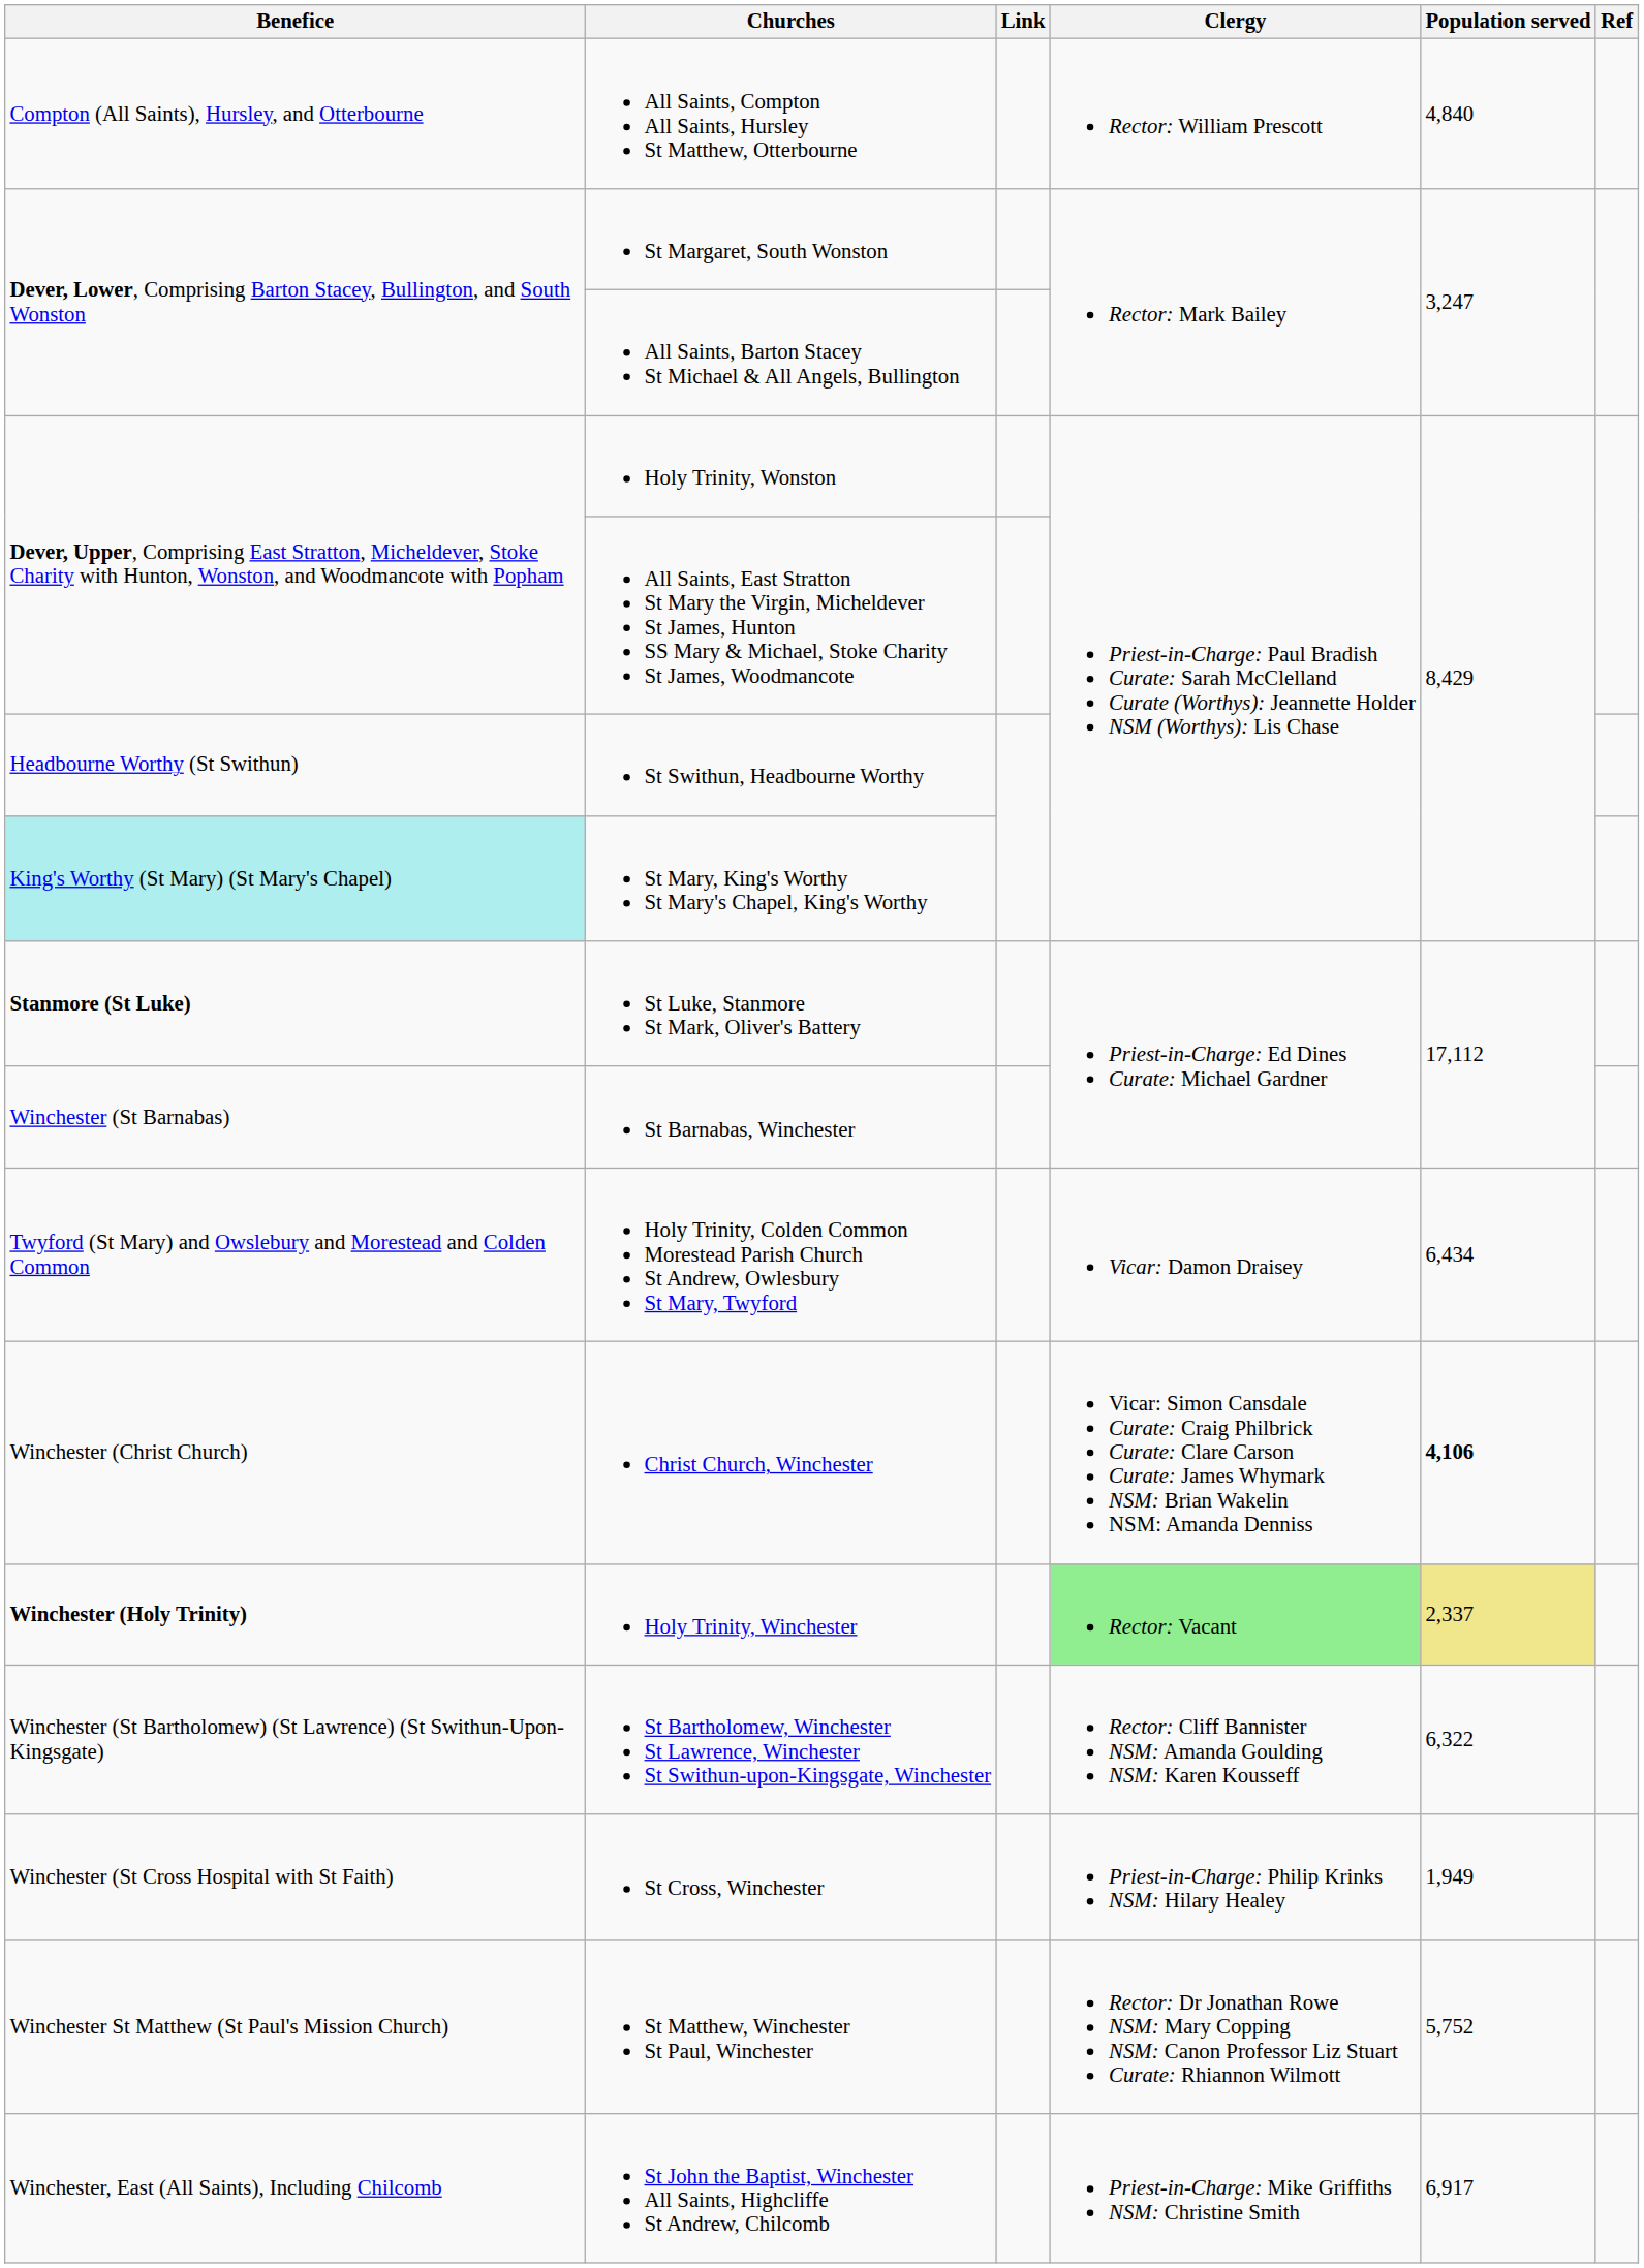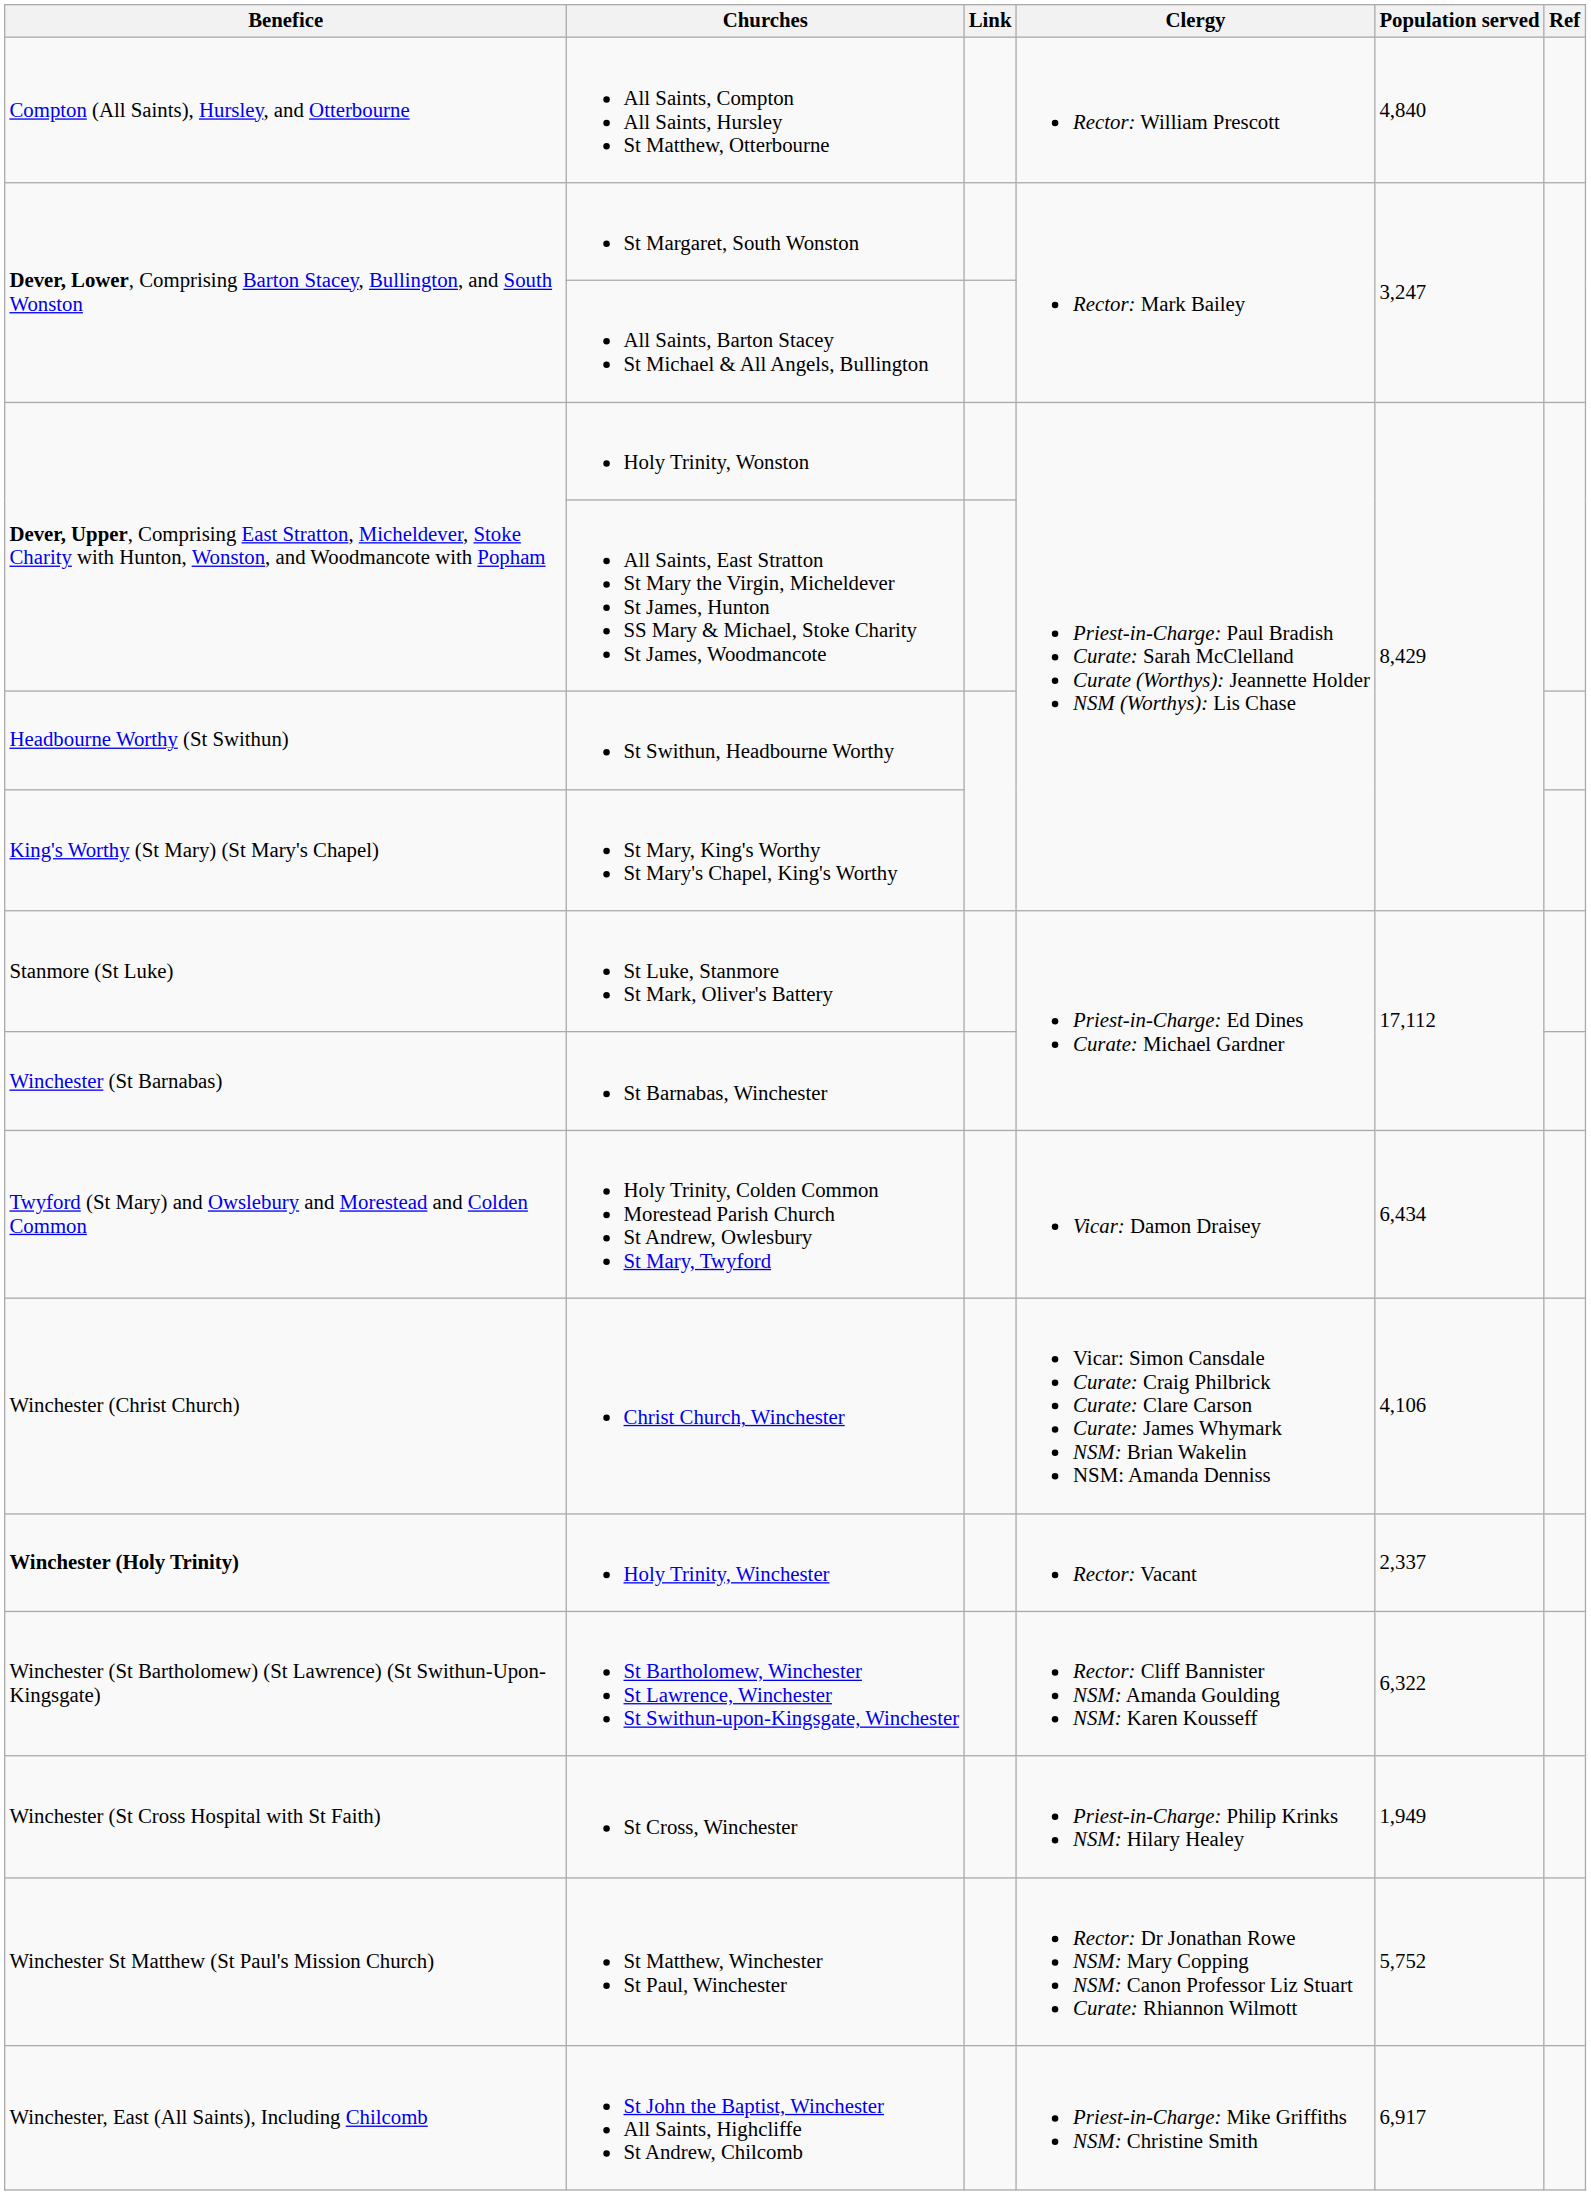 <table class="wikitable">
 <tr>
 <th style="width:425px;">Benefice</th>
 <th>Churches</th>
 <th>Link</th>
 <th>Clergy</th>
 <th>Population served</th>
 <th>Ref</th>
 </tr>
 <tr>
 <td><a href='#'>Compton</a> (All Saints), <a href='#'>Hursley</a>, and <a href='#'>Otterbourne</a></td>
 <td><br><ul><li>All Saints, Compton</li><li>All Saints, Hursley</li><li>St Matthew, Otterbourne</li></ul></td>
 <td></td>
 <td><br><ul><li><em>Rector:</em> William Prescott</li></ul></td>
 <td>4,840</td>
 <td></td>
 </tr>
 <tr>
 <td rowspan="2"><strong>Dever, Lower</strong>, Comprising <a href='#'>Barton Stacey</a>, <a href='#'>Bullington</a>, and <a href='#'>South Wonston</a></td>
 <td><br><ul><li>St Margaret, South Wonston</li></ul></td>
 <td> </td>
 <td rowspan="2"><br><ul><li><em>Rector:</em> Mark Bailey</li></ul></td>
 <td rowspan="2">3,247</td>
 <td rowspan="2"></td>
 </tr>
 <tr>
 <td><br><ul><li>All Saints, Barton Stacey</li><li>St Michael & All Angels, Bullington</li></ul></td>
 <td></td>
 </tr>
 <tr>
 <td rowspan="2"><strong>Dever, Upper</strong>, Comprising <a href='#'>East Stratton</a>, <a href='#'>Micheldever</a>, <a href='#'>Stoke Charity</a> with Hunton, <a href='#'>Wonston</a>, and Woodmancote with <a href='#'>Popham</a></td>
 <td><br><ul><li>Holy Trinity, Wonston</li></ul></td>
 <td></td>
 <td rowspan="4"><br><ul><li><em>Priest-in-Charge:</em> Paul Bradish</li><li><em>Curate:</em> Sarah McClelland</li><li><em>Curate (Worthys):</em> Jeannette Holder</li><li><em>NSM (Worthys):</em> Lis Chase</li></ul></td>
 <td rowspan="4">8,429</td>
 <td rowspan="2"></td>
 </tr>
 <tr>
 <td><br><ul><li>All Saints, East Stratton</li><li>St Mary the Virgin, Micheldever</li><li>St James, Hunton</li><li>SS Mary & Michael, Stoke Charity</li><li>St James, Woodmancote</li></ul></td>
 <td></td>
 </tr>
 <tr>
 <td><a href='#'>Headbourne Worthy</a> (St Swithun)</td>
 <td><br><ul><li>St Swithun, Headbourne Worthy</li></ul></td>
 <td rowspan="2"></td>
 <td></td>
 </tr>
 <tr>
-<td style="background: paleturquoise;"><a href='#'>King's Worthy</a> (St Mary) (St Mary's Chapel)</td>
+<td><a href='#'>King's Worthy</a> (St Mary) (St Mary's Chapel)</td>
 <td><br><ul><li>St Mary, King's Worthy</li><li>St Mary's Chapel, King's Worthy</li></ul></td>
 <td></td>
 </tr>
 <tr>
-<td><strong>Stanmore (St Luke)</strong></td>
+<td>Stanmore (St Luke)</td>
 <td><br><ul><li>St Luke, Stanmore</li><li>St Mark, Oliver's Battery</li></ul></td>
 <td></td>
 <td rowspan="2"><br><ul><li><em>Priest-in-Charge:</em> Ed Dines</li><li><em>Curate:</em> Michael Gardner</li></ul></td>
 <td rowspan="2">17,112</td>
 <td></td>
 </tr>
 <tr>
 <td><a href='#'>Winchester</a> (St Barnabas)</td>
 <td><br><ul><li>St Barnabas, Winchester</li></ul></td>
 <td></td>
 <td></td>
 </tr>
 <tr>
 <td><a href='#'>Twyford</a> (St Mary) and <a href='#'>Owslebury</a> and <a href='#'>Morestead</a> and <a href='#'>Colden Common</a></td>
 <td><br><ul><li>Holy Trinity, Colden Common</li><li>Morestead Parish Church</li><li>St Andrew, Owlesbury</li><li><a href='#'>St Mary, Twyford</a></li></ul></td>
 <td></td>
 <td><br><ul><li><em>Vicar:</em> Damon Draisey</li></ul></td>
 <td>6,434</td>
 <td></td>
 </tr>
 <tr>
 <td>Winchester (Christ Church)</td>
 <td><br><ul><li><a href='#'>Christ Church, Winchester</a></li></ul></td>
 <td></td>
 <td><br><ul><li>Vicar: Simon Cansdale</li><li><em>Curate:</em> Craig Philbrick</li><li><em>Curate:</em> Clare Carson</li><li><em>Curate:</em> James Whymark</li><li><em>NSM:</em> Brian Wakelin</li><li>NSM: Amanda Denniss</li></ul></td>
-<td><strong>4,106</strong></td>
+<td>4,106</td>
 <td></td>
 </tr>
 <tr>
 <td><strong>Winchester (Holy Trinity)</strong></td>
 <td><br><ul><li><a href='#'>Holy Trinity, Winchester</a></li></ul></td>
 <td></td>
-<td style="background: lightgreen;"><br><ul><li><em>Rector:</em> Vacant</li></ul></td>
-<td style="background: khaki;">2,337</td>
+<td><br><ul><li><em>Rector:</em> Vacant</li></ul></td>
+<td>2,337</td>
 <td></td>
 </tr>
 <tr>
 <td>Winchester (St Bartholomew) (St Lawrence) (St Swithun-Upon-Kingsgate)</td>
 <td><br><ul><li><a href='#'>St Bartholomew, Winchester</a></li><li><a href='#'>St Lawrence, Winchester</a></li><li><a href='#'>St Swithun-upon-Kingsgate, Winchester</a></li></ul></td>
 <td></td>
 <td><br><ul><li><em>Rector:</em> Cliff Bannister</li><li><em>NSM:</em> Amanda Goulding</li><li><em>NSM:</em> Karen Kousseff</li></ul></td>
 <td>6,322</td>
 <td></td>
 </tr>
 <tr>
 <td>Winchester (St Cross Hospital with St Faith)</td>
 <td><br><ul><li>St Cross, Winchester</li></ul></td>
 <td></td>
 <td><br><ul><li><em>Priest-in-Charge:</em> Philip Krinks</li><li><em>NSM:</em> Hilary Healey</li></ul></td>
 <td>1,949</td>
 <td></td>
 </tr>
 <tr>
 <td>Winchester St Matthew (St Paul's Mission Church)</td>
 <td><br><ul><li>St Matthew, Winchester</li><li>St Paul, Winchester</li></ul></td>
 <td></td>
 <td><br><ul><li><em>Rector:</em> Dr Jonathan Rowe</li><li><em>NSM:</em> Mary Copping</li><li><em>NSM:</em> Canon Professor Liz Stuart</li><li><em>Curate:</em> Rhiannon Wilmott</li></ul></td>
 <td>5,752</td>
 <td></td>
 </tr>
 <tr>
 <td>Winchester, East (All Saints), Including <a href='#'>Chilcomb</a></td>
 <td><br><ul><li><a href='#'>St John the Baptist, Winchester</a></li><li>All Saints, Highcliffe</li><li>St Andrew, Chilcomb</li></ul></td>
 <td></td>
 <td><br><ul><li><em>Priest-in-Charge:</em> Mike Griffiths</li><li><em>NSM:</em> Christine Smith</li></ul></td>
 <td>6,917</td>
 <td></td>
 </tr>
 </table>
